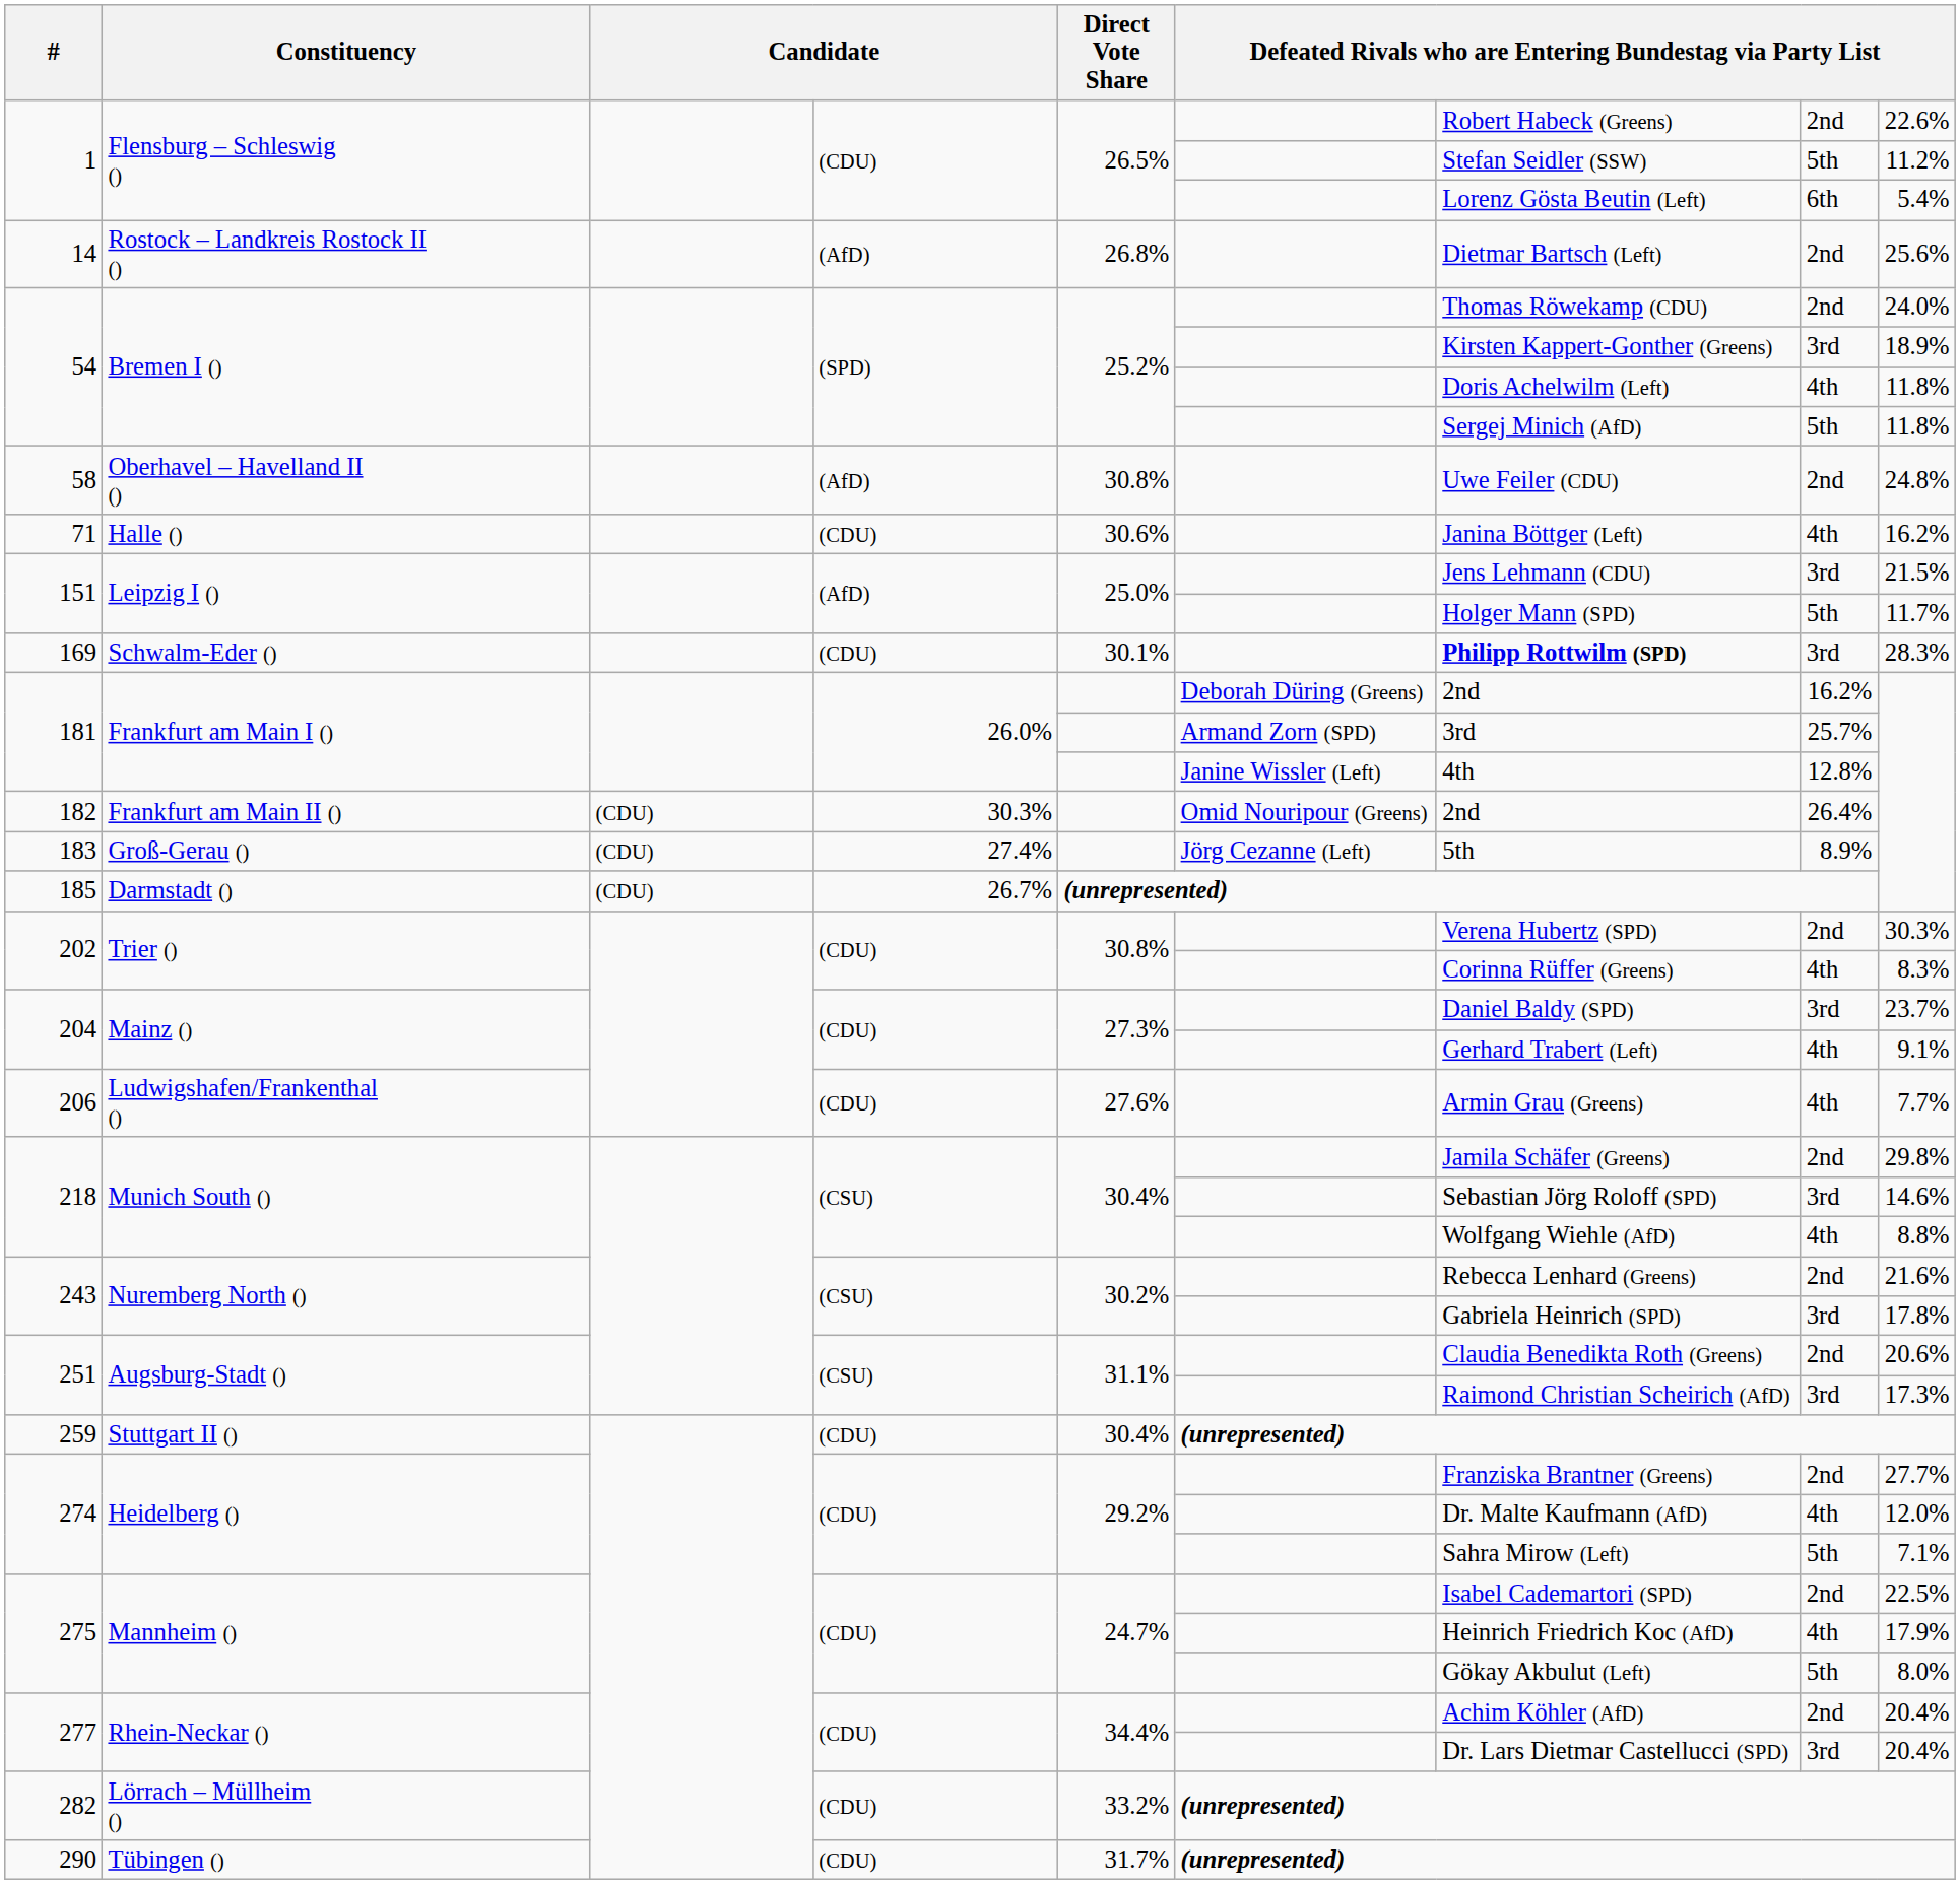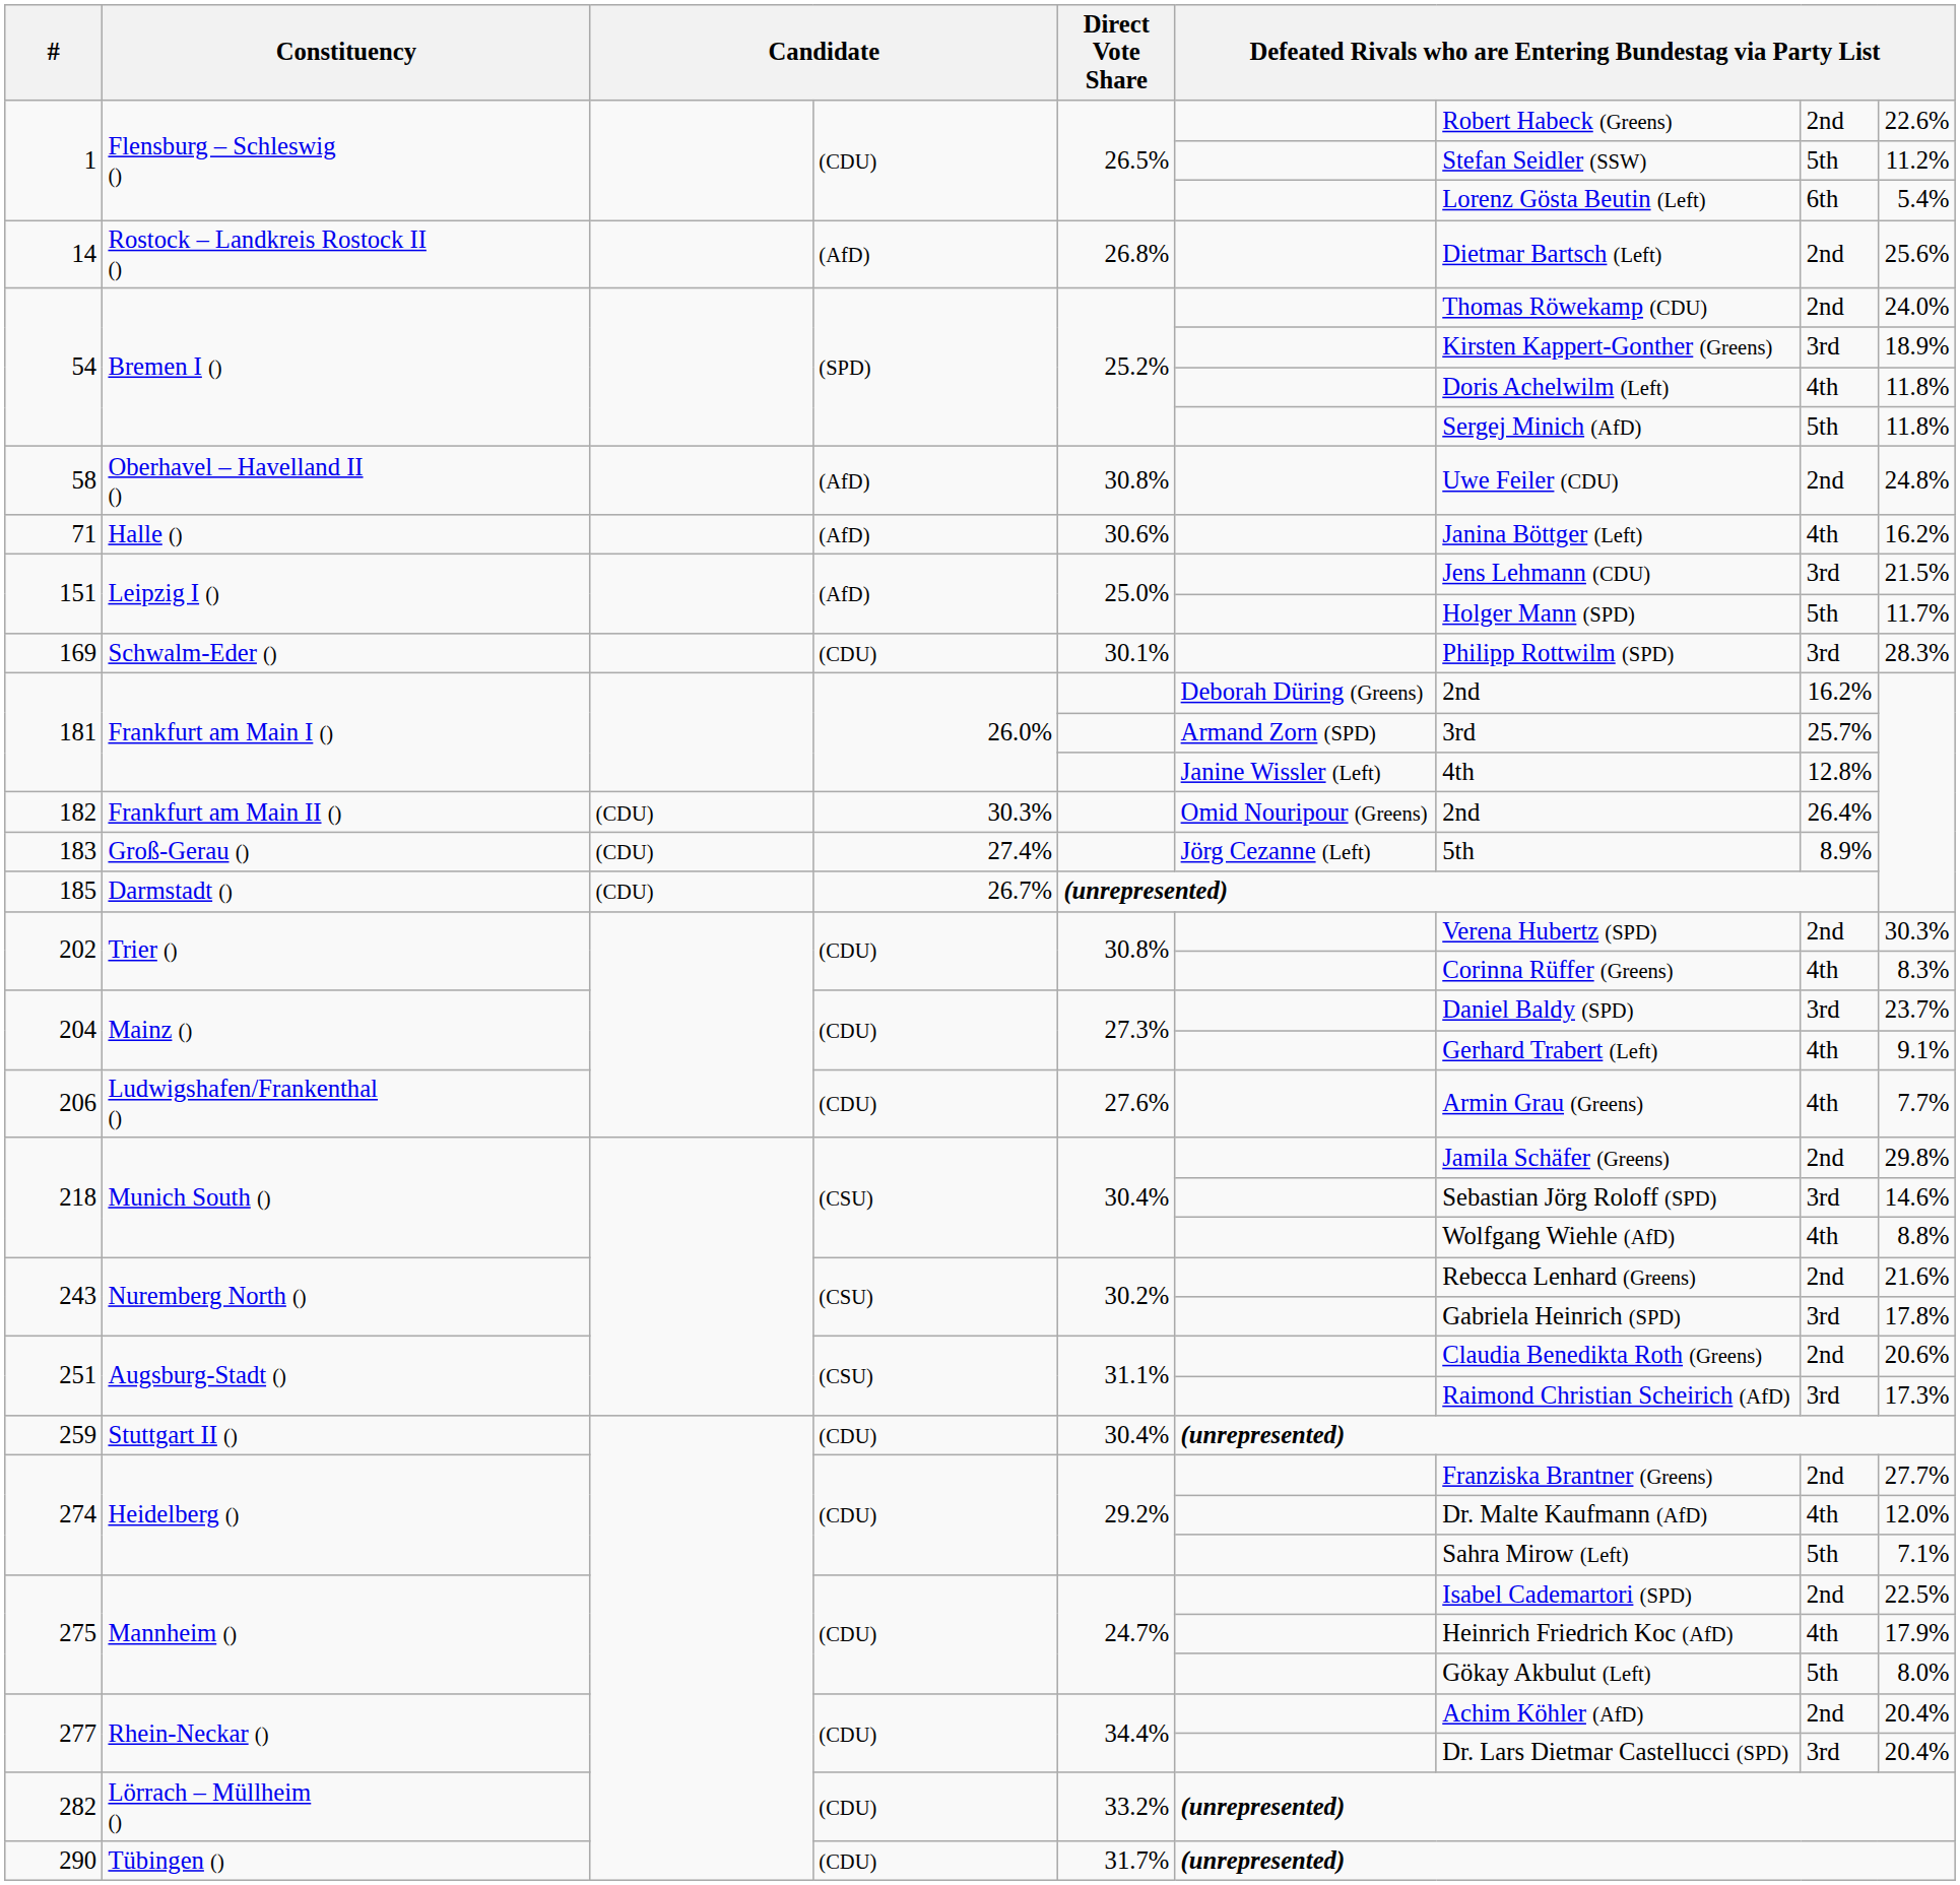 <table class="wikitable sortable">
 <tr>
 <th width="5%">#</th>
 <th width="25%">Constituency</th>
 <th colspan="2" width="24%">Candidate</th>
 <th width="6%">Direct Vote Share</th>
 <th colspan=4>Defeated Rivals who are Entering Bundestag via Party List</th>
 </tr>
 <tr>
 <td rowspan=3 style="text-align:right">1</td>
 <td rowspan=3><a href='#'>Flensburg – Schleswig</a><br><small>()</small></td>
 <td rowspan=3> </td>
 <td rowspan=3><strong></strong> <small>(CDU)</small></td>
 <td rowspan=3 style="text-align:right">26.5%</td>
 <td> </td>
 <td><a href='#'>Robert Habeck</a> <small>(Greens)</small></td>
 <td>2nd</td>
 <td style="text-align:right">22.6%</td>
 </tr>
 <tr>
 <td> </td>
 <td><a href='#'>Stefan Seidler</a> <small>(SSW)</small></td>
 <td>5th</td>
 <td style="text-align:right">11.2%</td>
 </tr>
 <tr>
 <td> </td>
 <td><a href='#'>Lorenz Gösta Beutin</a> <small>(Left)</small></td>
 <td>6th</td>
 <td style="text-align:right">5.4%</td>
 </tr>
 <tr>
 <td style="text-align:right">14</td>
 <td><a href='#'>Rostock – Landkreis Rostock II</a><br><small>()</small></td>
 <td> </td>
 <td> <small>(AfD)</small></td>
 <td style="text-align:right">26.8%</td>
 <td> </td>
 <td><a href='#'>Dietmar Bartsch</a> <small>(Left)</small></td>
 <td>2nd</td>
 <td style="text-align:right">25.6%</td>
 </tr>
 <tr>
 <td rowspan=4 style="text-align:right">54</td>
 <td rowspan=4><a href='#'>Bremen I</a> <small>()</small></td>
 <td rowspan=4> </td>
 <td rowspan=4>  <small>(SPD)</small></td>
 <td rowspan=4 style="text-align:right">25.2%</td>
 <td> </td>
 <td><a href='#'>Thomas Röwekamp</a> <small>(CDU)</small></td>
 <td>2nd</td>
 <td style="text-align:right">24.0%</td>
 </tr>
 <tr>
 <td> </td>
 <td><a href='#'>Kirsten Kappert-Gonther</a> <small>(Greens)</small></td>
 <td>3rd</td>
 <td style="text-align:right">18.9%</td>
 </tr>
 <tr>
 <td> </td>
 <td><a href='#'>Doris Achelwilm</a> <small>(Left)</small></td>
 <td>4th</td>
 <td style="text-align:right">11.8%</td>
 </tr>
 <tr>
 <td> </td>
 <td><a href='#'>Sergej Minich</a> <small>(AfD)</small></td>
 <td>5th</td>
 <td style="text-align:right">11.8%</td>
 </tr>
 <tr>
 <td style="text-align:right">58</td>
 <td><a href='#'>Oberhavel – Havelland II</a><br><small>()</small></td>
 <td> </td>
 <td> <small>(AfD)</small></td>
 <td style="text-align:right">30.8%</td>
 <td> </td>
 <td><a href='#'>Uwe Feiler</a> <small>(CDU)</small></td>
 <td>2nd</td>
 <td style="text-align:right">24.8%</td>
 </tr>
 <tr>
 <td style="text-align:right">71</td>
 <td><a href='#'>Halle</a> <small>()</small></td>
 <td> </td>
-<td> <small>(CDU)</small></td>
+<td> <small>(AfD)</small></td>
 <td style="text-align:right">30.6%</td>
 <td> </td>
 <td><a href='#'>Janina Böttger</a> <small>(Left)</small></td>
 <td>4th</td>
 <td style="text-align:right">16.2%</td>
 </tr>
 <tr>
 <td rowspan=2 style="text-align:right">151</td>
 <td rowspan=2><a href='#'>Leipzig I</a> <small>()</small></td>
 <td rowspan=2> </td>
 <td rowspan=2> <small>(AfD)</small></td>
 <td rowspan=2 style="text-align:right">25.0%</td>
 <td> </td>
 <td><a href='#'>Jens Lehmann</a> <small>(CDU)</small></td>
 <td>3rd</td>
 <td style="text-align:right">21.5%</td>
 </tr>
 <tr>
 <td> </td>
 <td><a href='#'>Holger Mann</a> <small>(SPD)</small></td>
 <td>5th</td>
 <td style="text-align:right">11.7%</td>
 </tr>
 <tr>
 <td style="text-align:right">169</td>
 <td><a href='#'>Schwalm-Eder</a> <small>()</small></td>
 <td> </td>
 <td> <small>(CDU)</small></td>
 <td style="text-align:right">30.1%</td>
 <td> </td>
-<td><strong><a href='#'>Philipp Rottwilm</a> <small>(SPD)</small></strong></td>
+<td><a href='#'>Philipp Rottwilm</a> <small>(SPD)</small></td>
 <td>3rd</td>
 <td style="text-align:right">28.3%</td>
 </tr>
 <tr>
 <td rowspan=3 style="text-align:right">181</td>
 <td rowspan=3><a href='#'>Frankfurt am Main I</a> <small>()</small></td>
 <td rowspan=3></td>
 <td rowspan=3 style="text-align:right">26.0%</td>
 <td> </td>
 <td><a href='#'>Deborah Düring</a> <small>(Greens)</small></td>
 <td>2nd</td>
 <td style="text-align:right">16.2%</td>
 </tr>
 <tr>
 <td> </td>
 <td><a href='#'>Armand Zorn</a> <small>(SPD)</small></td>
 <td>3rd</td>
 <td style="text-align:right">25.7%</td>
 </tr>
 <tr>
 <td> </td>
 <td><a href='#'>Janine Wissler</a> <small>(Left)</small></td>
 <td>4th</td>
 <td style="text-align:right">12.8%</td>
 </tr>
 <tr>
 <td style="text-align:right">182</td>
 <td><a href='#'>Frankfurt am Main II</a> <small>()</small></td>
 <td> <small>(CDU)</small></td>
 <td style="text-align:right">30.3%</td>
 <td> </td>
 <td><a href='#'>Omid Nouripour</a> <small>(Greens)</small></td>
 <td>2nd</td>
 <td style="text-align:right">26.4%</td>
 </tr>
 <tr>
 <td style="text-align:right">183</td>
 <td><a href='#'>Groß-Gerau</a> <small>()</small></td>
 <td> <small>(CDU)</small></td>
 <td style="text-align:right">27.4%</td>
 <td> </td>
 <td><a href='#'>Jörg Cezanne</a> <small>(Left)</small></td>
 <td>5th</td>
 <td style="text-align:right">8.9%</td>
 </tr>
 <tr>
 <td style="text-align:right">185</td>
 <td><a href='#'>Darmstadt</a> <small>()</small></td>
 <td><strong></strong> <small>(CDU)</small></td>
 <td style="text-align:right">26.7%</td>
 <td colspan = 4><strong><em>(unrepresented)</em></strong></td>
 </tr>
 <tr>
 <td rowspan=2 style="text-align:right">202</td>
 <td rowspan=2><a href='#'>Trier</a> <small>()</small></td>
 <td rowspan=5> </td>
 <td rowspan=2> <small>(CDU)</small></td>
 <td rowspan=2 style="text-align:right">30.8%</td>
 <td> </td>
 <td><a href='#'>Verena Hubertz</a> <small>(SPD)</small></td>
 <td>2nd</td>
 <td style="text-align:right">30.3%</td>
 </tr>
 <tr>
 <td> </td>
 <td><a href='#'>Corinna Rüffer</a> <small>(Greens)</small></td>
 <td>4th</td>
 <td style="text-align:right">8.3%</td>
 </tr>
 <tr>
 <td rowspan=2 style="text-align:right">204</td>
 <td rowspan=2><a href='#'>Mainz</a> <small>()</small></td>
 <td rowspan=2> <small>(CDU)</small></td>
 <td rowspan=2 style="text-align:right">27.3%</td>
 <td> </td>
 <td><a href='#'>Daniel Baldy</a> <small>(SPD)</small></td>
 <td>3rd</td>
 <td style="text-align:right">23.7%</td>
 </tr>
 <tr>
 <td> </td>
 <td><a href='#'>Gerhard Trabert</a> <small>(Left)</small></td>
 <td>4th</td>
 <td style="text-align:right">9.1%</td>
 </tr>
 <tr>
 <td style="text-align:right">206</td>
 <td><a href='#'>Ludwigshafen/Frankenthal</a><br><small>()</small></td>
 <td> <small>(CDU)</small></td>
 <td style="text-align:right">27.6%</td>
 <td> </td>
 <td><a href='#'>Armin Grau</a> <small>(Greens)</small></td>
 <td>4th</td>
 <td style="text-align:right">7.7%</td>
 </tr>
 <tr>
 <td rowspan=3 style="text-align:right">218</td>
 <td rowspan=3><a href='#'>Munich South</a> <small>()</small></td>
 <td rowspan=7> </td>
 <td rowspan=3>  <small>(CSU)</small></td>
 <td rowspan=3 style="text-align:right">30.4%</td>
 <td> </td>
 <td><a href='#'>Jamila Schäfer</a> <small>(Greens)</small></td>
 <td>2nd</td>
 <td style="text-align:right">29.8%</td>
 </tr>
 <tr>
 <td> </td>
 <td>Sebastian Jörg Roloff <small>(SPD)</small></td>
 <td>3rd</td>
 <td style="text-align:right">14.6%</td>
 </tr>
 <tr>
 <td> </td>
 <td>Wolfgang Wiehle <small>(AfD)</small></td>
 <td>4th</td>
 <td style="text-align:right">8.8%</td>
 </tr>
 <tr>
 <td rowspan=2 style="text-align:right">243</td>
 <td rowspan=2><a href='#'>Nuremberg North</a> <small>()</small></td>
 <td rowspan=2><strong><em></em></strong>  <small>(CSU)</small></td>
 <td rowspan=2 style="text-align:right">30.2%</td>
 <td> </td>
 <td>Rebecca Lenhard <small>(Greens)</small></td>
 <td>2nd</td>
 <td style="text-align:right">21.6%</td>
 </tr>
 <tr>
 <td> </td>
 <td>Gabriela Heinrich <small>(SPD)</small></td>
 <td>3rd</td>
 <td style="text-align:right">17.8%</td>
 </tr>
 <tr>
 <td rowspan=2 style="text-align:right">251</td>
 <td rowspan=2><a href='#'>Augsburg-Stadt</a> <small>()</small></td>
 <td rowspan=2>  <small>(CSU)</small></td>
 <td rowspan=2 style="text-align:right">31.1%</td>
 <td> </td>
 <td><a href='#'>Claudia Benedikta Roth</a> <small>(Greens)</small></td>
 <td>2nd</td>
 <td style="text-align:right">20.6%</td>
 </tr>
 <tr>
 <td> </td>
 <td><a href='#'>Raimond Christian Scheirich</a> <small>(AfD)</small></td>
 <td>3rd</td>
 <td style="text-align:right">17.3%</td>
 </tr>
 <tr>
 <td style="text-align:right">259</td>
 <td><a href='#'>Stuttgart II</a> <small>()</small></td>
 <td rowspan=11> </td>
 <td><strong><em></em></strong> <small>(CDU)</small></td>
 <td style="text-align:right">30.4%</td>
 <td colspan = 4><strong><em>(unrepresented)</em></strong></td>
 </tr>
 <tr>
 <td rowspan=3 style="text-align:right">274</td>
 <td rowspan=3><a href='#'>Heidelberg</a> <small>()</small></td>
 <td rowspan=3><strong></strong> <small>(CDU)</small></td>
 <td rowspan=3 style="text-align:right">29.2%</td>
 <td> </td>
 <td><a href='#'>Franziska Brantner</a> <small>(Greens)</small></td>
 <td>2nd</td>
 <td style="text-align:right">27.7%</td>
 </tr>
 <tr>
 <td> </td>
 <td>Dr. Malte Kaufmann <small>(AfD)</small></td>
 <td>4th</td>
 <td style="text-align:right">12.0%</td>
 </tr>
 <tr>
 <td> </td>
 <td>Sahra Mirow <small>(Left)</small></td>
 <td>5th</td>
 <td style="text-align:right">7.1%</td>
 </tr>
 <tr>
 <td rowspan=3 style="text-align:right">275</td>
 <td rowspan=3><a href='#'>Mannheim</a> <small>()</small></td>
 <td rowspan=3><strong></strong> <small>(CDU)</small></td>
 <td rowspan=3 style="text-align:right">24.7%</td>
 <td> </td>
 <td><a href='#'>Isabel Cademartori</a> <small>(SPD)</small></td>
 <td>2nd</td>
 <td style="text-align:right">22.5%</td>
 </tr>
 <tr>
 <td> </td>
 <td>Heinrich Friedrich Koc <small>(AfD)</small></td>
 <td>4th</td>
 <td style="text-align:right">17.9%</td>
 </tr>
 <tr>
 <td> </td>
 <td>Gökay Akbulut <small>(Left)</small></td>
 <td>5th</td>
 <td style="text-align:right">8.0%</td>
 </tr>
 <tr>
 <td rowspan=2 style="text-align:right">277</td>
 <td rowspan=2><a href='#'>Rhein-Neckar</a> <small>()</small></td>
 <td rowspan=2><strong><em></em></strong> <small>(CDU)</small></td>
 <td rowspan=2 style="text-align:right">34.4%</td>
 <td> </td>
 <td><a href='#'>Achim Köhler</a> <small>(AfD)</small></td>
 <td>2nd</td>
 <td style="text-align:right">20.4%</td>
 </tr>
 <tr>
 <td> </td>
 <td>Dr. Lars Dietmar Castellucci <small>(SPD)</small></td>
 <td>3rd</td>
 <td style="text-align:right">20.4%</td>
 </tr>
 <tr>
 <td style="text-align:right">282</td>
 <td><a href='#'>Lörrach – Müllheim</a><br><small>()</small></td>
 <td> <small>(CDU)</small></td>
 <td style="text-align:right">33.2%</td>
 <td colspan = 4><strong><em>(unrepresented)</em></strong></td>
 </tr>
 <tr>
 <td style="text-align:right">290</td>
 <td><a href='#'>Tübingen</a> <small>()</small></td>
 <td> <small>(CDU)</small></td>
 <td style="text-align:right">31.7%</td>
 <td colspan = 4><strong><em>(unrepresented)</em></strong></td>
 </tr>
 </table>
